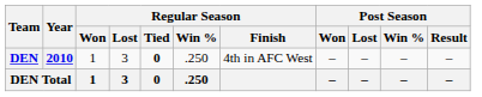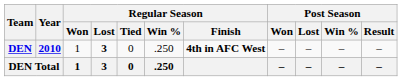 <table class="wikitable" style="text-align:center;">
 <tr>
 <th rowspan="2">Team</th>
 <th rowspan="2">Year</th>
 <th colspan="5">Regular Season</th>
 <th colspan="4">Post Season</th>
 </tr>
 <tr>
 <th>Won</th>
 <th>Lost</th>
 <th>Tied</th>
 <th>Win %</th>
 <th>Finish</th>
 <th>Won</th>
 <th>Lost</th>
 <th>Win %</th>
 <th>Result</th>
 </tr>
 <tr>
 <th><a href='#'>DEN</a></th>
 <th><a href='#'>2010</a></th>
 <td>1</td>
-<td>3</td>
-<td><strong>0</strong></td>
+<td><strong>3</strong></td>
+<td>0</td>
 <td>.250</td>
-<td>4th in AFC West</td>
+<td><strong>4th in AFC West</strong></td>
 <td>–</td>
 <td>–</td>
 <td>–</td>
 <td>–</td>
 </tr>
 <tr>
 <th colspan="2">DEN Total</th>
 <th>1</th>
 <th>3</th>
 <th>0</th>
 <th>.250</th>
 <th></th>
 <th>–</th>
 <th>–</th>
 <th>–</th>
 <th>–</th>
 </tr>
 </table>
